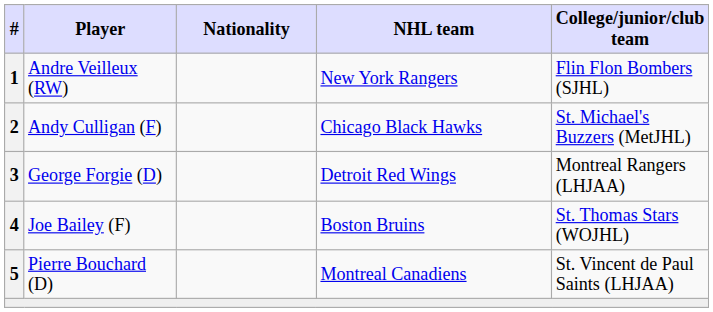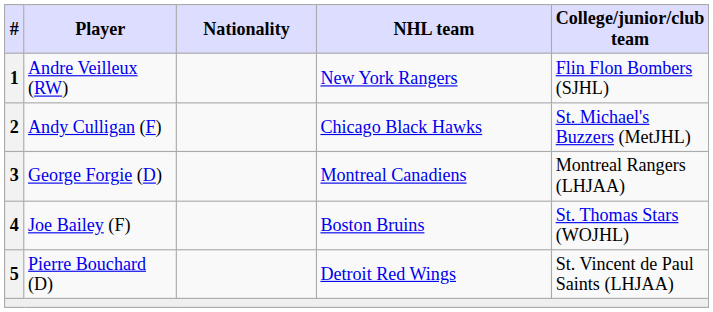 <table class="wikitable" style="width: 100%">
 <tr>
 <th style="background:#ddf; width:2.75%;">#</th>
 <th style="background:#ddf; width:22.0%;">Player</th>
 <th style="background:#ddf; width:20.0%;">Nationality</th>
 <th style="background:#ddf; width:34.0%;">NHL team</th>
 <th style="background:#ddf; width:100.0%;">College/junior/club team</th>
 </tr>
 <tr>
 <th>1</th>
 <td><a href='#'>Andre Veilleux</a> (<a href='#'>RW</a>)</td>
 <td></td>
 <td><a href='#'>New York Rangers</a></td>
 <td><a href='#'>Flin Flon Bombers</a> (SJHL)</td>
 </tr>
 <tr>
 <th>2</th>
 <td><a href='#'>Andy Culligan</a> (<a href='#'>F</a>)</td>
 <td></td>
 <td><a href='#'>Chicago Black Hawks</a></td>
 <td><a href='#'>St. Michael's Buzzers</a> (MetJHL)</td>
 </tr>
 <tr>
 <th>3</th>
 <td><a href='#'>George Forgie</a> (<a href='#'>D</a>)</td>
 <td></td>
-<td><a href='#'>Detroit Red Wings</a></td>
+<td><a href='#'>Montreal Canadiens</a></td>
 <td>Montreal Rangers (LHJAA)</td>
 </tr>
 <tr>
 <th>4</th>
 <td><a href='#'>Joe Bailey</a> (F)</td>
 <td></td>
 <td><a href='#'>Boston Bruins</a></td>
 <td><a href='#'>St. Thomas Stars</a> (WOJHL)</td>
 </tr>
 <tr>
 <th>5</th>
 <td><a href='#'>Pierre Bouchard</a> (D)</td>
 <td></td>
-<td><a href='#'>Montreal Canadiens</a></td>
+<td><a href='#'>Detroit Red Wings</a></td>
 <td>St. Vincent de Paul Saints (LHJAA)</td>
 </tr>
 <tr>
 <td align=center colspan="6" bgcolor="#efefef"></td>
 </tr>
 </table>
